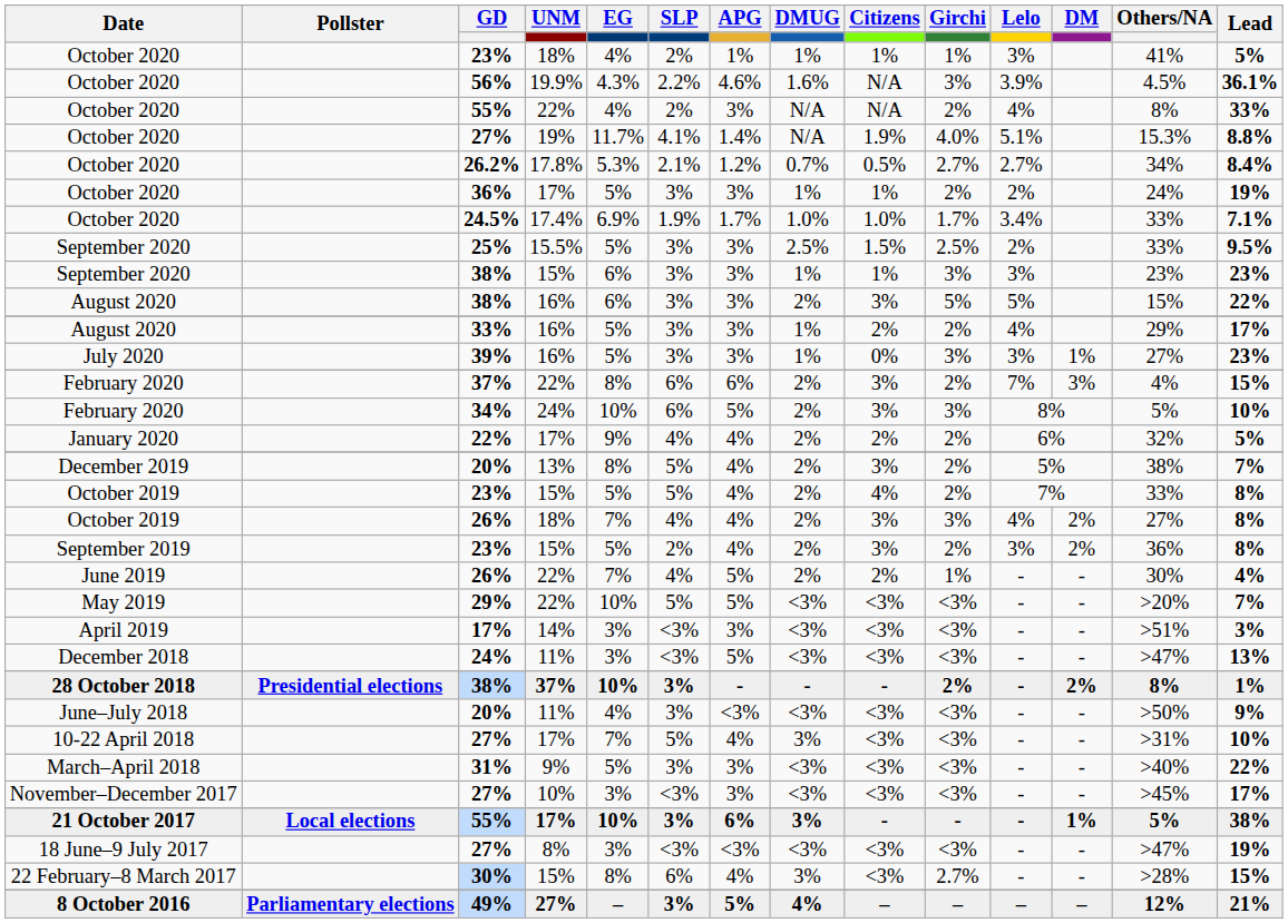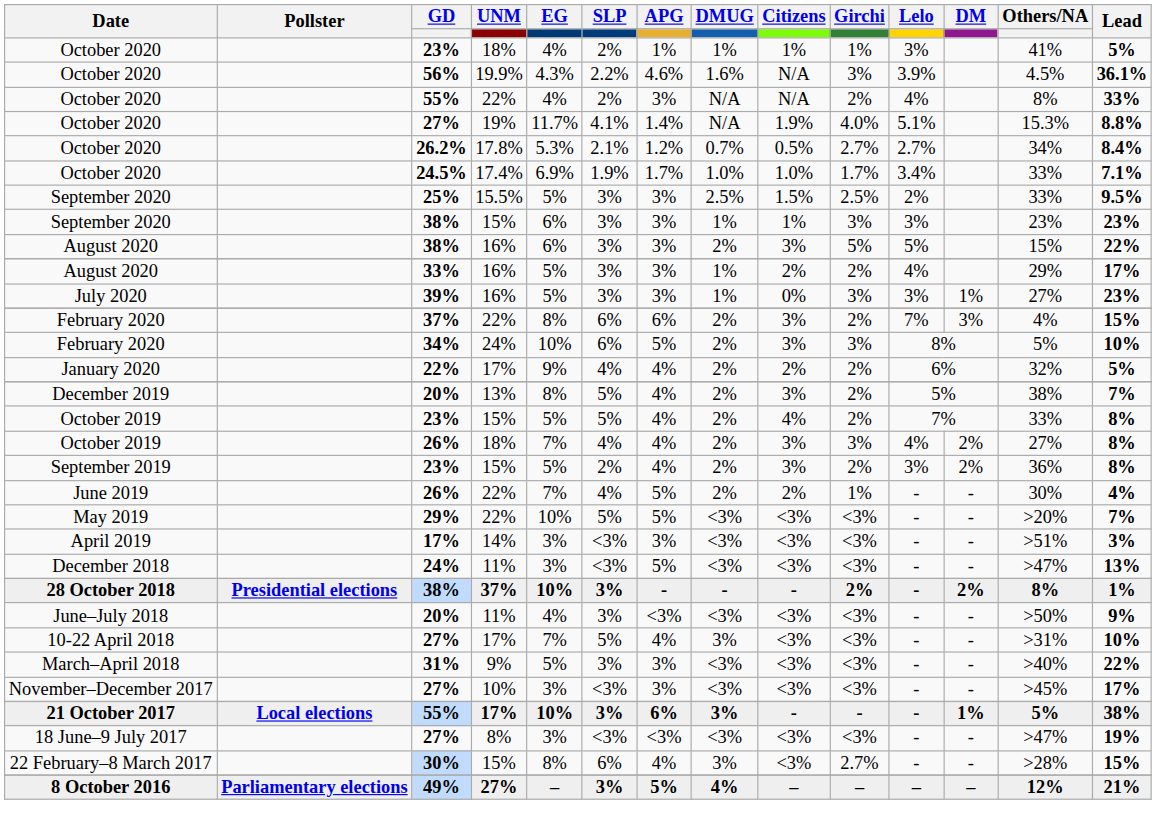 <table class="wikitable" style="text-align:center; font-size:100%; line-height:14px;">
 <tr style="background-color:#E9E9E9">
 <th rowspan=2>Date</th>
 <th rowspan=2>Pollster</th>
 <th width=40px><a href='#'>GD</a></th>
 <th width=40px><a href='#'>UNM</a></th>
 <th width=40px><a href='#'>EG</a></th>
 <th width=40px><a href='#'>SLP</a></th>
 <th width=40px><a href='#'>APG</a></th>
 <th width=40px><a href='#'>DMUG</a></th>
 <th width=40px><a href='#'>Citizens</a></th>
 <th width=40px><a href='#'>Girchi</a></th>
 <th width=40px><a href='#'>Lelo</a></th>
 <th width=40px><a href='#'>DM</a></th>
 <th>Others/NA</th>
 <th style="width:20px;" rowspan="2">Lead</th>
 </tr>
 <tr>
 <th style="background:"></th>
 <th style="background:#8B0000"></th>
 <th style="background:#003876"></th>
 <th style="background:#003C7B"></th>
 <th style="background:#E7B031"></th>
 <th style="background:#145FAD"></th>
 <th style="background:#7CFC07"></th>
 <th style="background:#327F37"></th>
 <th style="background:#FFD400"></th>
 <th style="background:#8F188F"></th>
 <th></th>
 </tr>
 <tr>
 <td>October 2020</td>
 <td></td>
 <td><strong>23%</strong></td>
 <td>18%</td>
 <td>4%</td>
 <td>2%</td>
 <td>1%</td>
 <td>1%</td>
 <td>1%</td>
 <td>1%</td>
 <td>3%</td>
 <td></td>
 <td>41%</td>
 <td style="background:"><strong>5%</strong></td>
 </tr>
 <tr>
 <td>October 2020</td>
 <td></td>
 <td><strong>56%</strong></td>
 <td>19.9%</td>
 <td>4.3%</td>
 <td>2.2%</td>
 <td>4.6%</td>
 <td>1.6%</td>
 <td>N/A</td>
 <td>3%</td>
 <td>3.9%</td>
 <td></td>
 <td>4.5%</td>
 <td style="background:"><strong>36.1%</strong></td>
 </tr>
 <tr>
 <td>October 2020</td>
 <td></td>
 <td><strong>55%</strong></td>
 <td>22%</td>
 <td>4%</td>
 <td>2%</td>
 <td>3%</td>
 <td>N/A</td>
 <td>N/A</td>
 <td>2%</td>
 <td>4%</td>
 <td></td>
 <td>8%</td>
 <td style="background:"><strong>33%</strong></td>
 </tr>
 <tr>
 <td>October 2020</td>
 <td></td>
 <td><strong>27%</strong></td>
 <td>19%</td>
 <td>11.7%</td>
 <td>4.1%</td>
 <td>1.4%</td>
 <td>N/A</td>
 <td>1.9%</td>
 <td>4.0%</td>
 <td>5.1%</td>
 <td></td>
 <td>15.3%</td>
 <td style="background:"><strong>8.8%</strong></td>
 </tr>
 <tr>
 <td>October 2020</td>
 <td></td>
 <td><strong>26.2%</strong></td>
 <td>17.8%</td>
 <td>5.3%</td>
 <td>2.1%</td>
 <td>1.2%</td>
 <td>0.7%</td>
 <td>0.5%</td>
 <td>2.7%</td>
 <td>2.7%</td>
 <td></td>
 <td>34%</td>
 <td style="background:"><strong>8.4%</strong></td>
-</tr>
-<tr>
-<td>October 2020</td>
-<td></td>
-<td><strong>36%</strong></td>
-<td>17%</td>
-<td>5%</td>
-<td>3%</td>
-<td>3%</td>
-<td>1%</td>
-<td>1%</td>
-<td>2%</td>
-<td>2%</td>
-<td></td>
-<td>24%</td>
-<td style="background:"><strong>19%</strong></td>
 </tr>
 <tr>
 <td>October 2020</td>
 <td></td>
 <td><strong>24.5%</strong></td>
 <td>17.4%</td>
 <td>6.9%</td>
 <td>1.9%</td>
 <td>1.7%</td>
 <td>1.0%</td>
 <td>1.0%</td>
 <td>1.7%</td>
 <td>3.4%</td>
 <td></td>
 <td>33%</td>
 <td style="background:"><strong>7.1%</strong></td>
 </tr>
 <tr>
 <td>September 2020</td>
 <td></td>
 <td><strong>25%</strong></td>
 <td>15.5%</td>
 <td>5%</td>
 <td>3%</td>
 <td>3%</td>
 <td>2.5%</td>
 <td>1.5%</td>
 <td>2.5%</td>
 <td>2%</td>
 <td></td>
 <td>33%</td>
 <td style="background:"><strong>9.5%</strong></td>
 </tr>
 <tr>
 <td>September 2020</td>
 <td></td>
 <td><strong>38%</strong></td>
 <td>15%</td>
 <td>6%</td>
 <td>3%</td>
 <td>3%</td>
 <td>1%</td>
 <td>1%</td>
 <td>3%</td>
 <td>3%</td>
 <td></td>
 <td>23%</td>
 <td style="background:"><strong>23%</strong></td>
 </tr>
 <tr>
 <td>August 2020</td>
 <td></td>
 <td><strong>38%</strong></td>
 <td>16%</td>
 <td>6%</td>
 <td>3%</td>
 <td>3%</td>
 <td>2%</td>
 <td>3%</td>
 <td>5%</td>
 <td>5%</td>
 <td></td>
 <td>15%</td>
 <td style="background:"><strong>22%</strong></td>
 </tr>
 <tr>
 </tr>
 <tr>
 <td>August 2020</td>
 <td></td>
 <td><strong>33%</strong></td>
 <td>16%</td>
 <td>5%</td>
 <td>3%</td>
 <td>3%</td>
 <td>1%</td>
 <td>2%</td>
 <td>2%</td>
 <td>4%</td>
 <td></td>
 <td>29%</td>
 <td style="background:"><strong>17%</strong></td>
 </tr>
 <tr>
 <td>July 2020</td>
 <td></td>
 <td><strong>39%</strong></td>
 <td>16%</td>
 <td>5%</td>
 <td>3%</td>
 <td>3%</td>
 <td>1%</td>
 <td>0%</td>
 <td>3%</td>
 <td>3%</td>
 <td>1%</td>
 <td>27%</td>
 <td style="background:"><strong>23%</strong></td>
 </tr>
 <tr>
 </tr>
 <tr>
 <td>February 2020</td>
 <td></td>
 <td><strong>37%</strong></td>
 <td>22%</td>
 <td>8%</td>
 <td>6%</td>
 <td>6%</td>
 <td>2%</td>
 <td>3%</td>
 <td>2%</td>
 <td>7%</td>
 <td>3%</td>
 <td>4%</td>
 <td style="background:"><strong>15%</strong></td>
 </tr>
 <tr>
 <td>February 2020</td>
 <td></td>
 <td><strong>34%</strong></td>
 <td>24%</td>
 <td>10%</td>
 <td>6%</td>
 <td>5%</td>
 <td>2%</td>
 <td>3%</td>
 <td>3%</td>
 <td colspan="2">8%</td>
 <td>5%</td>
 <td style="background:"><strong>10%</strong></td>
 </tr>
 <tr>
 <td>January 2020</td>
 <td></td>
 <td><strong>22%</strong></td>
 <td>17%</td>
 <td>9%</td>
 <td>4%</td>
 <td>4%</td>
 <td>2%</td>
 <td>2%</td>
 <td>2%</td>
 <td colspan="2">6%</td>
 <td>32%</td>
 <td style="background:"><strong>5%</strong></td>
 </tr>
 <tr>
 </tr>
 <tr>
 <td>December 2019</td>
 <td></td>
 <td><strong>20%</strong></td>
 <td>13%</td>
 <td>8%</td>
 <td>5%</td>
 <td>4%</td>
 <td>2%</td>
 <td>3%</td>
 <td>2%</td>
 <td colspan="2">5%</td>
 <td>38%</td>
 <td style="background:"><strong>7%</strong></td>
 </tr>
 <tr>
 <td>October 2019</td>
 <td></td>
 <td><strong>23%</strong></td>
 <td>15%</td>
 <td>5%</td>
 <td>5%</td>
 <td>4%</td>
 <td>2%</td>
 <td>4%</td>
 <td>2%</td>
 <td colspan="2">7%</td>
 <td>33%</td>
 <td style="background:"><strong>8%</strong></td>
 </tr>
 <tr>
 <td>October 2019</td>
 <td></td>
 <td><strong>26%</strong></td>
 <td>18%</td>
 <td>7%</td>
 <td>4%</td>
 <td>4%</td>
 <td>2%</td>
 <td>3%</td>
 <td>3%</td>
 <td>4%</td>
 <td>2%</td>
 <td>27%</td>
 <td style="background:"><strong>8%</strong></td>
 </tr>
 <tr>
 <td>September 2019</td>
 <td></td>
 <td><strong>23%</strong></td>
 <td>15%</td>
 <td>5%</td>
 <td>2%</td>
 <td>4%</td>
 <td>2%</td>
 <td>3%</td>
 <td>2%</td>
 <td>3%</td>
 <td>2%</td>
 <td>36%</td>
 <td style="background:"><strong>8%</strong></td>
 </tr>
 <tr>
 <td>June 2019</td>
 <td></td>
 <td><strong>26%</strong></td>
 <td>22%</td>
 <td>7%</td>
 <td>4%</td>
 <td>5%</td>
 <td>2%</td>
 <td>2%</td>
 <td>1%</td>
 <td>-</td>
 <td>-</td>
 <td>30%</td>
 <td style="background:"><strong>4%</strong></td>
 </tr>
 <tr>
 <td>May 2019</td>
 <td></td>
 <td><strong>29%</strong></td>
 <td>22%</td>
 <td>10%</td>
 <td>5%</td>
 <td>5%</td>
 <td><3%</td>
 <td><3%</td>
 <td><3%</td>
 <td>-</td>
 <td>-</td>
 <td>>20%</td>
 <td style="background:"><strong>7%</strong></td>
 </tr>
 <tr>
 <td>April 2019</td>
 <td></td>
 <td><strong>17%</strong></td>
 <td>14%</td>
 <td>3%</td>
 <td><3%</td>
 <td>3%</td>
 <td><3%</td>
 <td><3%</td>
 <td><3%</td>
 <td>-</td>
 <td>-</td>
 <td>>51%</td>
 <td style="background:"><strong>3%</strong></td>
 </tr>
 <tr>
 <td>December 2018</td>
 <td></td>
 <td><strong>24%</strong></td>
 <td>11%</td>
 <td>3%</td>
 <td><3%</td>
 <td>5%</td>
 <td><3%</td>
 <td><3%</td>
 <td><3%</td>
 <td>-</td>
 <td>-</td>
 <td>>47%</td>
 <td style="background:"><strong>13%</strong></td>
 </tr>
 <tr>
 </tr>
 <tr style="background:#EFEFEF; font-weight:bold;">
 <td>28 October 2018</td>
 <td><a href='#'>Presidential elections</a></td>
 <td style="background:#C0DBFC"><strong>38%</strong></td>
 <td>37%</td>
 <td>10%</td>
 <td>3%</td>
 <td>-</td>
 <td>-</td>
 <td>-</td>
 <td>2%</td>
 <td>-</td>
 <td>2%</td>
 <td>8%</td>
 <td style="background:"><strong>1%</strong></td>
 </tr>
 <tr>
 <td>June–July 2018</td>
 <td></td>
 <td><strong>20%</strong></td>
 <td>11%</td>
 <td>4%</td>
 <td>3%</td>
 <td><3%</td>
 <td><3%</td>
 <td><3%</td>
 <td><3%</td>
 <td>-</td>
 <td>-</td>
 <td>>50%</td>
 <td style="background:"><strong>9%</strong></td>
 </tr>
 <tr>
 <td>10-22 April 2018</td>
 <td></td>
 <td><strong>27%</strong></td>
 <td>17%</td>
 <td>7%</td>
 <td>5%</td>
 <td>4%</td>
 <td>3%</td>
 <td><3%</td>
 <td><3%</td>
 <td>-</td>
 <td>-</td>
 <td>>31%</td>
 <td style="background:"><strong>10%</strong></td>
 </tr>
 <tr>
 <td>March–April 2018</td>
 <td></td>
 <td><strong>31%</strong></td>
 <td>9%</td>
 <td>5%</td>
 <td>3%</td>
 <td>3%</td>
 <td><3%</td>
 <td><3%</td>
 <td><3%</td>
 <td>-</td>
 <td>-</td>
 <td>>40%</td>
 <td style="background:"><strong>22%</strong></td>
 </tr>
 <tr>
 <td>November–December 2017</td>
 <td></td>
 <td><strong>27%</strong></td>
 <td>10%</td>
 <td>3%</td>
 <td><3%</td>
 <td>3%</td>
 <td><3%</td>
 <td><3%</td>
 <td><3%</td>
 <td>-</td>
 <td>-</td>
 <td>>45%</td>
 <td style="background:"><strong>17%</strong></td>
 </tr>
 <tr>
 </tr>
 <tr style="background:#EFEFEF; font-weight:bold;">
 <td>21 October 2017</td>
 <td><a href='#'>Local elections</a></td>
 <td style="background:#C0DBFC"><strong>55%</strong></td>
 <td>17%</td>
 <td>10%</td>
 <td>3%</td>
 <td>6%</td>
 <td>3%</td>
 <td>-</td>
 <td>-</td>
 <td>-</td>
 <td>1%</td>
 <td>5%</td>
 <td style="background:"><strong>38%</strong></td>
 </tr>
 <tr>
 <td>18 June–9 July 2017</td>
 <td></td>
 <td><strong>27%</strong></td>
 <td>8%</td>
 <td>3%</td>
 <td><3%</td>
 <td><3%</td>
 <td><3%</td>
 <td><3%</td>
 <td><3%</td>
 <td>-</td>
 <td>-</td>
 <td>>47%</td>
 <td style="background:"><strong>19%</strong></td>
 </tr>
 <tr>
 <td>22 February–8 March 2017</td>
 <td></td>
 <td style="background:#C0DBFC"><strong>30%</strong></td>
 <td>15%</td>
 <td>8%</td>
 <td>6%</td>
 <td>4%</td>
 <td>3%</td>
 <td><3%</td>
 <td>2.7%</td>
 <td>-</td>
 <td>-</td>
 <td>>28%</td>
 <td style="background:"><strong>15%</strong></td>
 </tr>
 <tr>
 </tr>
 <tr style="background:#EFEFEF; font-weight:bold;">
 <td>8 October 2016</td>
 <td><a href='#'>Parliamentary elections</a></td>
 <td style="background:#C0DBFC"><strong>49%</strong></td>
 <td>27%</td>
 <td>–</td>
 <td>3%</td>
 <td>5%</td>
 <td>4%</td>
 <td>–</td>
 <td>–</td>
 <td>–</td>
 <td>–</td>
 <td>12%</td>
 <td style="background:"><strong>21%</strong></td>
 </tr>
 </table>
